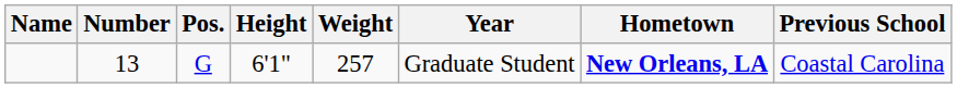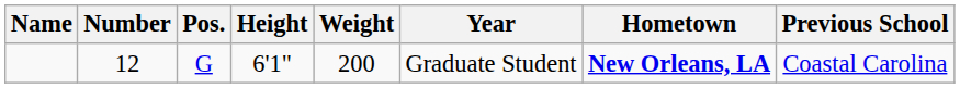 <table class="wikitable sortable sortable" style="text-align: center">
 <tr align=center>
 <th>Name</th>
 <th>Number</th>
 <th>Pos.</th>
 <th>Height</th>
 <th>Weight</th>
 <th>Year</th>
 <th>Hometown</th>
 <th>Previous School</th>
 </tr>
 <tr>
 <td></td>
-<td>13</td>
+<td>12</td>
 <td><a href='#'>G</a></td>
 <td>6'1"</td>
-<td>257</td>
+<td>200</td>
 <td>Graduate Student</td>
 <td><strong><a href='#'>New Orleans, LA</a></strong></td>
 <td><a href='#'>Coastal Carolina</a></td>
 </tr>
 </table>
